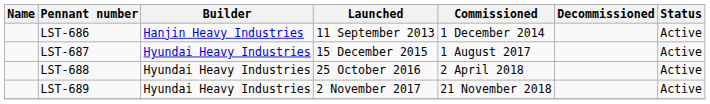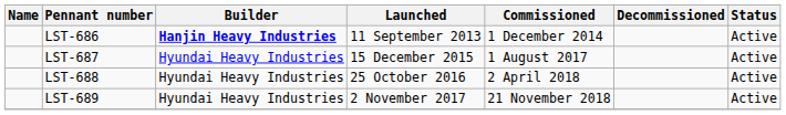 <table class=wikitable>
 <tr>
 <th>Name</th>
 <th>Pennant number</th>
 <th>Builder</th>
 <th>Launched</th>
 <th>Commissioned</th>
 <th>Decommissioned</th>
 <th>Status</th>
 </tr>
 <tr>
 <td></td>
 <td>LST-686</td>
-<td><a href='#'>Hanjin Heavy Industries</a></td>
+<td><strong><a href='#'>Hanjin Heavy Industries</a></strong></td>
 <td>11 September 2013</td>
 <td>1 December 2014</td>
 <td></td>
 <td>Active</td>
 </tr>
 <tr>
 <td></td>
 <td>LST-687</td>
 <td><a href='#'>Hyundai Heavy Industries</a></td>
 <td>15 December 2015</td>
 <td>1 August 2017</td>
 <td></td>
 <td>Active</td>
 </tr>
 <tr>
 <td></td>
 <td>LST-688</td>
 <td>Hyundai Heavy Industries</td>
 <td>25 October 2016</td>
 <td>2 April 2018</td>
 <td></td>
 <td>Active</td>
 </tr>
 <tr>
 <td></td>
 <td>LST-689</td>
 <td>Hyundai Heavy Industries</td>
 <td>2 November 2017</td>
 <td>21 November 2018</td>
 <td></td>
 <td>Active</td>
 </tr>
 <tr>
 </tr>
 </table>
